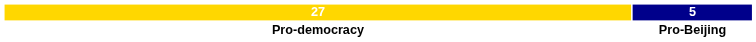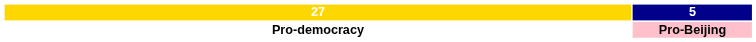 <table style="width:60%; text-align:center;">
 <tr style="color:white;">
 <td style="background:gold; width:84%;"><strong>27</strong></td>
 <td style="background:darkblue; width:16%;"><strong>5</strong></td>
 </tr>
 <tr>
 <td><span><strong>Pro-democracy</strong></span></td>
-<td><span><strong>Pro-Beijing</strong></span></td>
+<td style="background: pink;"><span><strong>Pro-Beijing</strong></span></td>
 </tr>
 </table>
